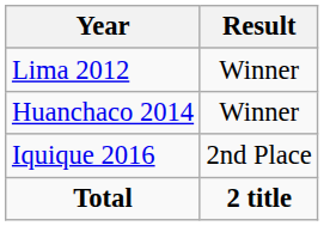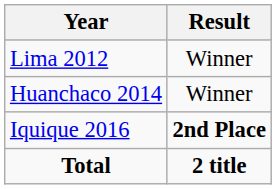 <table class="wikitable" style="text-align: center;">
 <tr>
 <th>Year</th>
 <th>Result</th>
 </tr>
 <tr>
 <td style="text-align:left;"> <a href='#'>Lima 2012</a></td>
 <td>Winner</td>
 </tr>
 <tr>
 <td style="text-align:left;"> <a href='#'>Huanchaco 2014</a></td>
 <td>Winner</td>
 </tr>
 <tr>
 <td style="text-align:left;"> <a href='#'>Iquique 2016</a></td>
-<td>2nd Place</td>
+<td><strong>2nd Place</strong></td>
 </tr>
 <tr>
 <td><strong>Total</strong></td>
 <td><strong>2 title</strong></td>
 </tr>
 </table>
